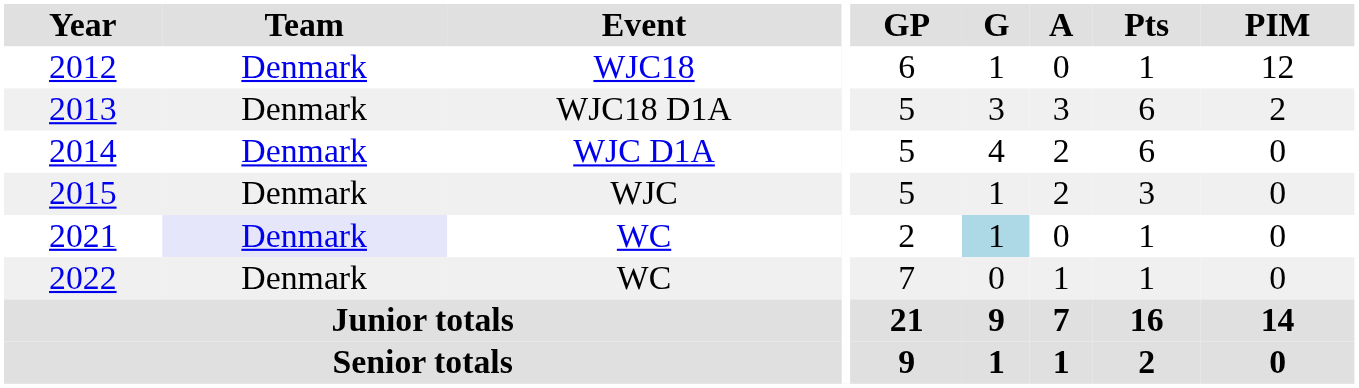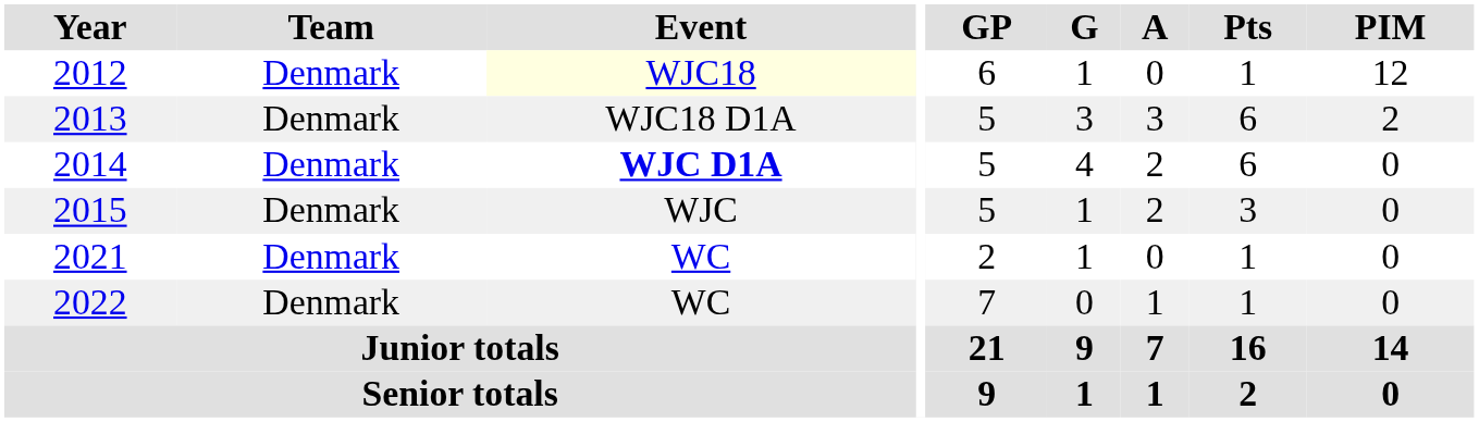 <table border="0" cellpadding="1" cellspacing="0" ID="Table3" style="text-align:center; width:40em">
 <tr ALIGN="center" bgcolor="#e0e0e0">
 <th>Year</th>
 <th>Team</th>
 <th>Event</th>
 <th rowspan="99" bgcolor="#ffffff"></th>
 <th>GP</th>
 <th>G</th>
 <th>A</th>
 <th>Pts</th>
 <th>PIM</th>
 </tr>
 <tr>
 <td><a href='#'>2012</a></td>
 <td><a href='#'>Denmark</a></td>
-<td><a href='#'>WJC18</a></td>
+<td style="background: lightyellow;"><a href='#'>WJC18</a></td>
 <td>6</td>
 <td>1</td>
 <td>0</td>
 <td>1</td>
 <td>12</td>
 </tr>
 <tr bgcolor="#f0f0f0">
 <td><a href='#'>2013</a></td>
 <td>Denmark</td>
 <td>WJC18 D1A</td>
 <td>5</td>
 <td>3</td>
 <td>3</td>
 <td>6</td>
 <td>2</td>
 </tr>
 <tr>
 <td><a href='#'>2014</a></td>
 <td><a href='#'>Denmark</a></td>
-<td><a href='#'>WJC D1A</a></td>
+<td><strong><a href='#'>WJC D1A</a></strong></td>
 <td>5</td>
 <td>4</td>
 <td>2</td>
 <td>6</td>
 <td>0</td>
 </tr>
 <tr bgcolor="#f0f0f0">
 <td><a href='#'>2015</a></td>
 <td>Denmark</td>
 <td>WJC</td>
 <td>5</td>
 <td>1</td>
 <td>2</td>
 <td>3</td>
 <td>0</td>
 </tr>
 <tr>
 <td><a href='#'>2021</a></td>
-<td style="background: lavender;"><a href='#'>Denmark</a></td>
+<td><a href='#'>Denmark</a></td>
 <td><a href='#'>WC</a></td>
 <td>2</td>
-<td style="background: lightblue;">1</td>
+<td>1</td>
 <td>0</td>
 <td>1</td>
 <td>0</td>
 </tr>
 <tr bgcolor="#f0f0f0">
 <td><a href='#'>2022</a></td>
 <td>Denmark</td>
 <td>WC</td>
 <td>7</td>
 <td>0</td>
 <td>1</td>
 <td>1</td>
 <td>0</td>
 </tr>
 <tr bgcolor="#e0e0e0">
 <th colspan="3">Junior totals</th>
 <th>21</th>
 <th>9</th>
 <th>7</th>
 <th>16</th>
 <th>14</th>
 </tr>
 <tr bgcolor="#e0e0e0">
 <th colspan="3">Senior totals</th>
 <th>9</th>
 <th>1</th>
 <th>1</th>
 <th>2</th>
 <th>0</th>
 </tr>
 </table>
